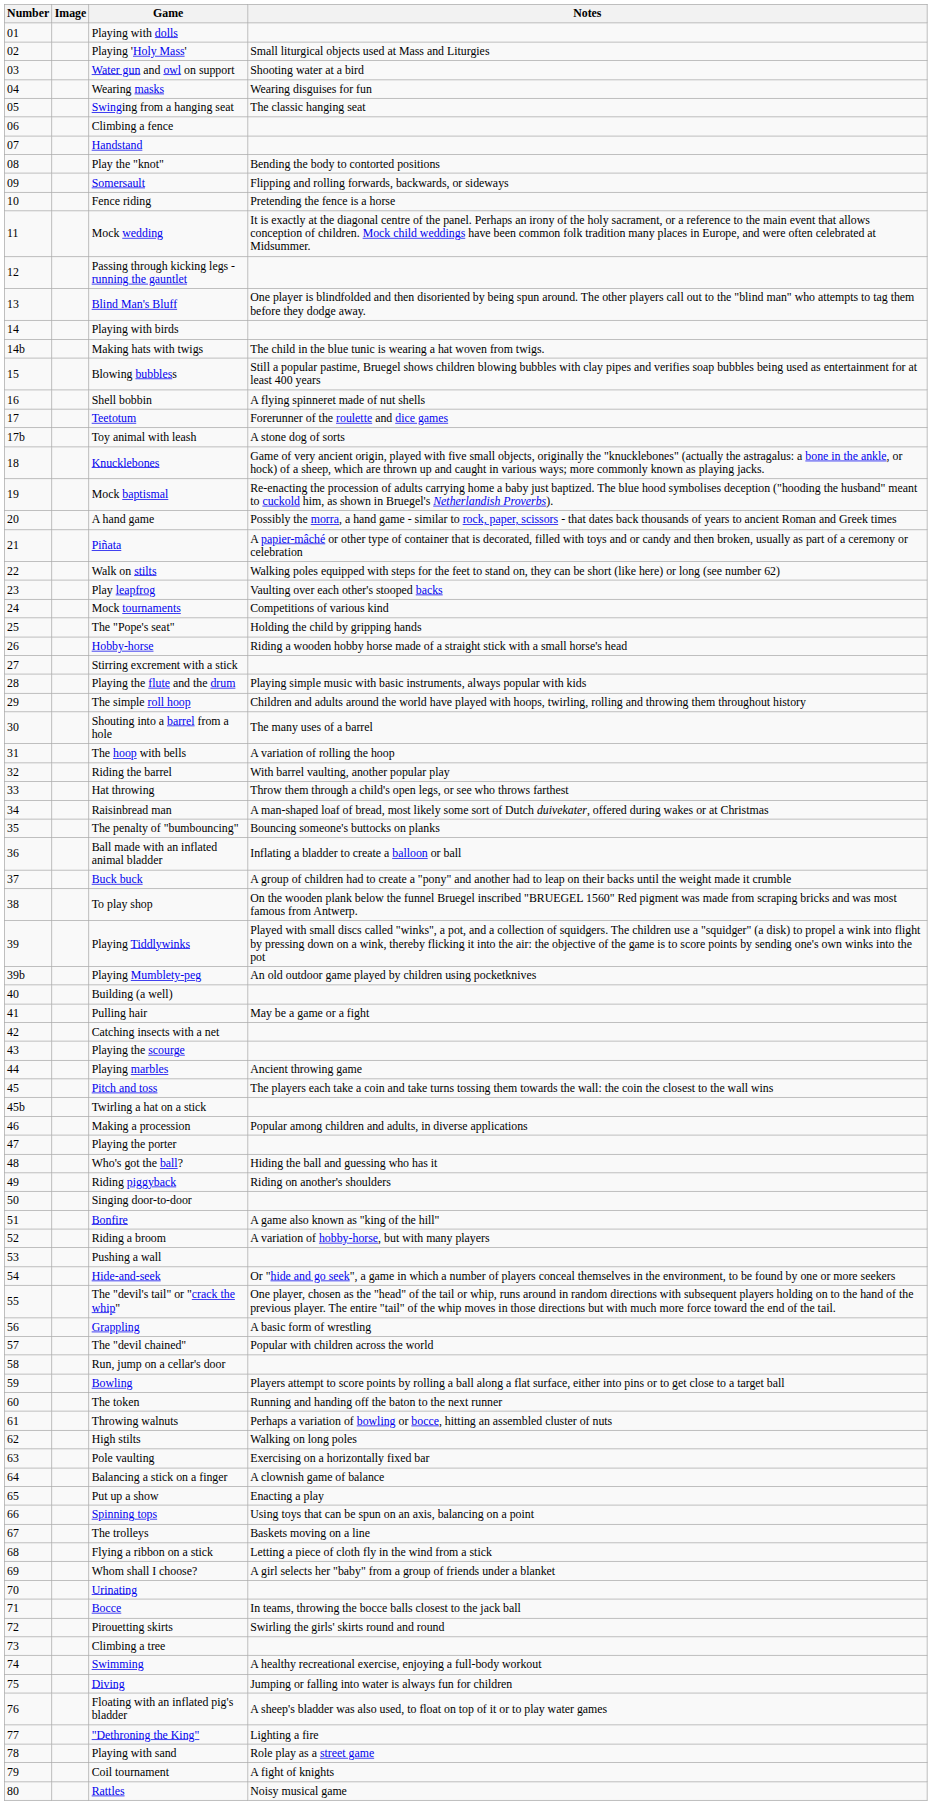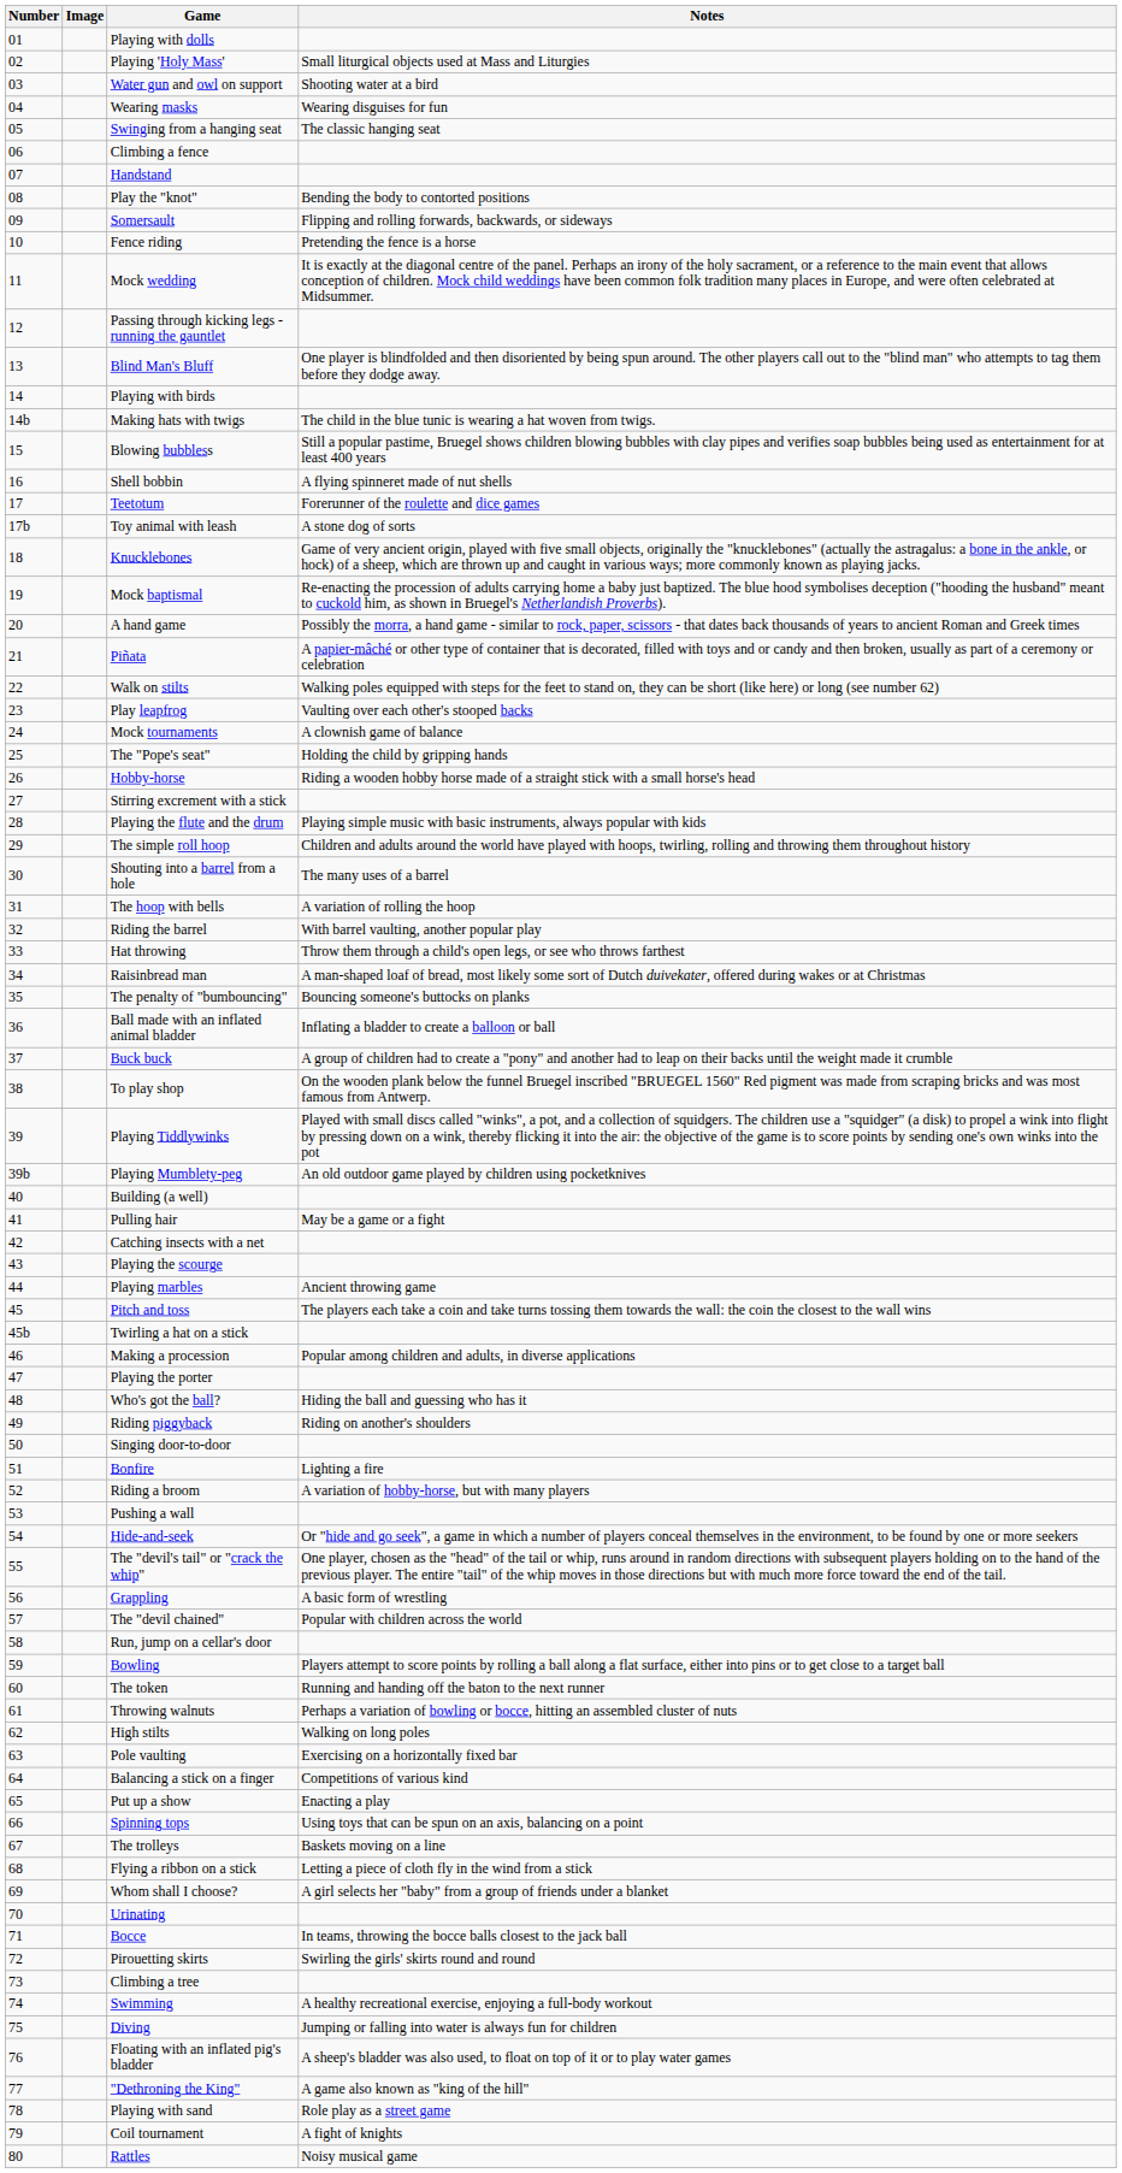 <table class="wikitable">
 <tr>
 <th>Number</th>
 <th>Image</th>
 <th>Game</th>
 <th>Notes</th>
 </tr>
 <tr>
 <td>01</td>
 <td></td>
 <td>Playing with <a href='#'>dolls</a></td>
 <td></td>
 </tr>
 <tr>
 <td>02</td>
 <td></td>
 <td>Playing '<a href='#'>Holy Mass</a>'</td>
 <td>Small liturgical objects used at Mass and Liturgies</td>
 </tr>
 <tr>
 <td>03</td>
 <td></td>
 <td><a href='#'>Water gun</a> and <a href='#'>owl</a> on support</td>
 <td>Shooting water at a bird</td>
 </tr>
 <tr>
 <td>04</td>
 <td></td>
 <td>Wearing <a href='#'>masks</a></td>
 <td>Wearing disguises for fun</td>
 </tr>
 <tr>
 <td>05</td>
 <td></td>
 <td><a href='#'>Swing</a>ing from a hanging seat</td>
 <td>The classic hanging seat</td>
 </tr>
 <tr>
 <td>06</td>
 <td></td>
 <td>Climbing a fence</td>
 <td></td>
 </tr>
 <tr>
 <td>07</td>
 <td></td>
 <td><a href='#'>Handstand</a></td>
 <td></td>
 </tr>
 <tr>
 <td>08</td>
 <td></td>
 <td>Play the "knot"</td>
 <td>Bending the body to contorted positions</td>
 </tr>
 <tr>
 <td>09</td>
 <td></td>
 <td><a href='#'>Somersault</a></td>
 <td>Flipping and rolling forwards, backwards, or sideways</td>
 </tr>
 <tr>
 <td>10</td>
 <td></td>
 <td>Fence riding</td>
 <td>Pretending the fence is a horse</td>
 </tr>
 <tr>
 <td>11</td>
 <td></td>
 <td>Mock <a href='#'>wedding</a></td>
 <td>It is exactly at the diagonal centre of the panel. Perhaps an irony of the holy sacrament, or a reference to the main event that allows conception of children. <a href='#'>Mock child weddings</a> have been common folk tradition many places in Europe, and were often celebrated at Midsummer.</td>
 </tr>
 <tr>
 <td>12</td>
 <td></td>
 <td>Passing through kicking legs - <a href='#'>running the gauntlet</a></td>
 <td></td>
 </tr>
 <tr>
 <td>13</td>
 <td></td>
 <td><a href='#'>Blind Man's Bluff</a></td>
 <td>One player is blindfolded and then disoriented by being spun around. The other players call out to the "blind man" who attempts to tag them before they dodge away.</td>
 </tr>
 <tr>
 <td>14</td>
 <td></td>
 <td>Playing with birds</td>
 <td></td>
 </tr>
 <tr>
 <td>14b</td>
 <td></td>
 <td>Making hats with twigs</td>
 <td>The child in the blue tunic is wearing a hat woven from twigs.</td>
 </tr>
 <tr>
 <td>15</td>
 <td></td>
 <td>Blowing <a href='#'>bubbles</a>s</td>
 <td>Still a popular pastime, Bruegel shows children blowing bubbles with clay pipes and verifies soap bubbles being used as entertainment for at least 400 years</td>
 </tr>
 <tr>
 <td>16</td>
 <td></td>
 <td>Shell bobbin</td>
 <td>A flying spinneret made of nut shells</td>
 </tr>
 <tr>
 <td>17</td>
 <td></td>
 <td><a href='#'>Teetotum</a></td>
 <td>Forerunner of the <a href='#'>roulette</a> and <a href='#'>dice games</a></td>
 </tr>
 <tr>
 <td>17b</td>
 <td></td>
 <td>Toy animal with leash</td>
 <td>A stone dog of sorts</td>
 </tr>
 <tr>
 <td>18</td>
 <td></td>
 <td><a href='#'>Knucklebones</a></td>
 <td>Game of very ancient origin, played with five small objects, originally the "knucklebones" (actually the astragalus: a <a href='#'>bone in the ankle</a>, or hock) of a sheep, which are thrown up and caught in various ways; more commonly known as playing jacks.</td>
 </tr>
 <tr>
 <td>19</td>
 <td></td>
 <td>Mock <a href='#'>baptismal</a></td>
 <td>Re-enacting the procession of adults carrying home a baby just baptized. The blue hood symbolises deception ("hooding the husband" meant to <a href='#'>cuckold</a> him, as shown in Bruegel's <em><a href='#'>Netherlandish Proverbs</a></em>).</td>
 </tr>
 <tr>
 <td>20</td>
 <td></td>
 <td>A hand game</td>
 <td>Possibly the <a href='#'>morra</a>, a hand game - similar to <a href='#'>rock, paper, scissors</a> - that dates back thousands of years to ancient Roman and Greek times</td>
 </tr>
 <tr>
 <td>21</td>
 <td></td>
 <td><a href='#'>Piñata</a></td>
 <td>A <a href='#'>papier-mâché</a> or other type of container that is decorated, filled with toys and or candy and then broken, usually as part of a ceremony or celebration</td>
 </tr>
 <tr>
 <td>22</td>
 <td></td>
 <td>Walk on <a href='#'>stilts</a></td>
 <td>Walking poles equipped with steps for the feet to stand on, they can be short (like here) or long (see number 62)</td>
 </tr>
 <tr>
 <td>23</td>
 <td></td>
 <td>Play <a href='#'>leapfrog</a></td>
 <td>Vaulting over each other's stooped <a href='#'>backs</a></td>
 </tr>
 <tr>
 <td>24</td>
 <td></td>
 <td>Mock <a href='#'>tournaments</a></td>
-<td>Competitions of various kind</td>
+<td>A clownish game of balance</td>
 </tr>
 <tr>
 <td>25</td>
 <td></td>
 <td>The "Pope's seat"</td>
 <td>Holding the child by gripping hands</td>
 </tr>
 <tr>
 <td>26</td>
 <td></td>
 <td><a href='#'>Hobby-horse</a></td>
 <td>Riding a wooden hobby horse made of a straight stick with a small horse's head</td>
 </tr>
 <tr>
 <td>27</td>
 <td></td>
 <td>Stirring excrement with a stick</td>
 <td></td>
 </tr>
 <tr>
 <td>28</td>
 <td></td>
 <td>Playing the <a href='#'>flute</a> and the <a href='#'>drum</a></td>
 <td>Playing simple music with basic instruments, always popular with kids</td>
 </tr>
 <tr>
 <td>29</td>
 <td></td>
 <td>The simple <a href='#'>roll hoop</a></td>
 <td>Children and adults around the world have played with hoops, twirling, rolling and throwing them throughout history</td>
 </tr>
 <tr>
 <td>30</td>
 <td></td>
 <td>Shouting into a <a href='#'>barrel</a> from a hole</td>
 <td>The many uses of a barrel</td>
 </tr>
 <tr>
 <td>31</td>
 <td></td>
 <td>The <a href='#'>hoop</a> with bells</td>
 <td>A variation of rolling the hoop</td>
 </tr>
 <tr>
 <td>32</td>
 <td></td>
 <td>Riding the barrel</td>
 <td>With barrel vaulting, another popular play</td>
 </tr>
 <tr>
 <td>33</td>
 <td></td>
 <td>Hat throwing</td>
 <td>Throw them through a child's open legs, or see who throws farthest</td>
 </tr>
 <tr>
 <td>34</td>
 <td></td>
 <td>Raisinbread man</td>
 <td>A man-shaped loaf of bread, most likely some sort of Dutch <em>duivekater</em>, offered during wakes or at Christmas</td>
 </tr>
 <tr>
 <td>35</td>
 <td></td>
 <td>The penalty of "bumbouncing"</td>
 <td>Bouncing someone's buttocks on planks</td>
 </tr>
 <tr>
 <td>36</td>
 <td></td>
 <td>Ball made with an inflated animal bladder</td>
 <td>Inflating a bladder to create a <a href='#'>balloon</a> or ball</td>
 </tr>
 <tr>
 <td>37</td>
 <td></td>
 <td><a href='#'>Buck buck</a></td>
 <td>A group of children had to create a "pony" and another had to leap on their backs until the weight made it crumble</td>
 </tr>
 <tr>
 <td>38</td>
 <td></td>
 <td>To play shop</td>
 <td>On the wooden plank below the funnel Bruegel inscribed "BRUEGEL 1560" Red pigment was made from scraping bricks and was most famous from Antwerp.</td>
 </tr>
 <tr>
 <td>39</td>
 <td></td>
 <td>Playing <a href='#'>Tiddlywinks</a></td>
 <td>Played with small discs called "winks", a pot, and a collection of squidgers. The children use a "squidger" (a disk) to propel a wink into flight by pressing down on a wink, thereby flicking it into the air: the objective of the game is to score points by sending one's own winks into the pot</td>
 </tr>
 <tr>
 <td>39b</td>
 <td></td>
 <td>Playing <a href='#'>Mumblety-peg</a></td>
 <td>An old outdoor game played by children using pocketknives</td>
 </tr>
 <tr>
 <td>40</td>
 <td></td>
 <td>Building (a well)</td>
 <td></td>
 </tr>
 <tr>
 <td>41</td>
 <td></td>
 <td>Pulling hair</td>
 <td>May be a game or a fight</td>
 </tr>
 <tr>
 <td>42</td>
 <td></td>
 <td>Catching insects with a net</td>
 <td></td>
 </tr>
 <tr>
 <td>43</td>
 <td></td>
 <td>Playing the <a href='#'>scourge</a></td>
 <td></td>
 </tr>
 <tr>
 <td>44</td>
 <td></td>
 <td>Playing <a href='#'>marbles</a></td>
 <td>Ancient throwing game</td>
 </tr>
 <tr>
 <td>45</td>
 <td></td>
 <td><a href='#'>Pitch and toss</a></td>
 <td>The players each take a coin and take turns tossing them towards the wall: the coin the closest to the wall wins</td>
 </tr>
 <tr>
 <td>45b</td>
 <td></td>
 <td>Twirling a hat on a stick</td>
 <td></td>
 </tr>
 <tr>
 <td>46</td>
 <td></td>
 <td>Making a procession</td>
 <td>Popular among children and adults, in diverse applications</td>
 </tr>
 <tr>
 <td>47</td>
 <td></td>
 <td>Playing the porter</td>
 <td></td>
 </tr>
 <tr>
 <td>48</td>
 <td></td>
 <td>Who's got the <a href='#'>ball</a>?</td>
 <td>Hiding the ball and guessing who has it</td>
 </tr>
 <tr>
 <td>49</td>
 <td></td>
 <td>Riding <a href='#'>piggyback</a></td>
 <td>Riding on another's shoulders</td>
 </tr>
 <tr>
 <td>50</td>
 <td></td>
 <td>Singing door-to-door</td>
 <td></td>
 </tr>
 <tr>
 <td>51</td>
 <td></td>
 <td><a href='#'>Bonfire</a></td>
-<td>A game also known as "king of the hill"</td>
+<td>Lighting a fire</td>
 </tr>
 <tr>
 <td>52</td>
 <td></td>
 <td>Riding a broom</td>
 <td>A variation of <a href='#'>hobby-horse</a>, but with many players</td>
 </tr>
 <tr>
 <td>53</td>
 <td></td>
 <td>Pushing a wall</td>
 <td></td>
 </tr>
 <tr>
 <td>54</td>
 <td></td>
 <td><a href='#'>Hide-and-seek</a></td>
 <td>Or "<a href='#'>hide and go seek</a>", a game in which a number of players conceal themselves in the environment, to be found by one or more seekers</td>
 </tr>
 <tr>
 <td>55</td>
 <td></td>
 <td>The "devil's tail" or "<a href='#'>crack the whip</a>"</td>
 <td>One player, chosen as the "head" of the tail or whip, runs around in random directions with subsequent players holding on to the hand of the previous player. The entire "tail" of the whip moves in those directions but with much more force toward the end of the tail.</td>
 </tr>
 <tr>
 <td>56</td>
 <td></td>
 <td><a href='#'>Grappling</a></td>
 <td>A basic form of wrestling</td>
 </tr>
 <tr>
 <td>57</td>
 <td></td>
 <td>The "devil chained"</td>
 <td>Popular with children across the world</td>
 </tr>
 <tr>
 <td>58</td>
 <td></td>
 <td>Run, jump on a cellar's door</td>
 <td></td>
 </tr>
 <tr>
 <td>59</td>
 <td></td>
 <td><a href='#'>Bowling</a></td>
 <td>Players attempt to score points by rolling a ball along a flat surface, either into pins or to get close to a target ball</td>
 </tr>
 <tr>
 <td>60</td>
 <td></td>
 <td>The token</td>
 <td>Running and handing off the baton to the next runner</td>
 </tr>
 <tr>
 <td>61</td>
 <td></td>
 <td>Throwing walnuts</td>
 <td>Perhaps a variation of <a href='#'>bowling</a> or <a href='#'>bocce</a>, hitting an assembled cluster of nuts</td>
 </tr>
 <tr>
 <td>62</td>
 <td></td>
 <td>High stilts</td>
 <td>Walking on long poles</td>
 </tr>
 <tr>
 <td>63</td>
 <td></td>
 <td>Pole vaulting</td>
 <td>Exercising on a horizontally fixed bar</td>
 </tr>
 <tr>
 <td>64</td>
 <td></td>
 <td>Balancing a stick on a finger</td>
-<td>A clownish game of balance</td>
+<td>Competitions of various kind</td>
 </tr>
 <tr>
 <td>65</td>
 <td></td>
 <td>Put up a show</td>
 <td>Enacting a play</td>
 </tr>
 <tr>
 <td>66</td>
 <td></td>
 <td><a href='#'>Spinning tops</a></td>
 <td>Using toys that can be spun on an axis, balancing on a point</td>
 </tr>
 <tr>
 <td>67</td>
 <td></td>
 <td>The trolleys</td>
 <td>Baskets moving on a line</td>
 </tr>
 <tr>
 <td>68</td>
 <td></td>
 <td>Flying a ribbon on a stick</td>
 <td>Letting a piece of cloth fly in the wind from a stick</td>
 </tr>
 <tr>
 <td>69</td>
 <td></td>
 <td>Whom shall I choose?</td>
 <td>A girl selects her "baby" from a group of friends under a blanket</td>
 </tr>
 <tr>
 <td>70</td>
 <td></td>
 <td><a href='#'>Urinating</a></td>
 <td></td>
 </tr>
 <tr>
 <td>71</td>
 <td></td>
 <td><a href='#'>Bocce</a></td>
 <td>In teams, throwing the bocce balls closest to the jack ball</td>
 </tr>
 <tr>
 <td>72</td>
 <td></td>
 <td>Pirouetting skirts</td>
 <td>Swirling the girls' skirts round and round</td>
 </tr>
 <tr>
 <td>73</td>
 <td></td>
 <td>Climbing a tree</td>
 <td></td>
 </tr>
 <tr>
 <td>74</td>
 <td></td>
 <td><a href='#'>Swimming</a></td>
 <td>A healthy recreational exercise, enjoying a full-body workout</td>
 </tr>
 <tr>
 <td>75</td>
 <td></td>
 <td><a href='#'>Diving</a></td>
 <td>Jumping or falling into water is always fun for children</td>
 </tr>
 <tr>
 <td>76</td>
 <td></td>
 <td>Floating with an inflated pig's bladder</td>
 <td>A sheep's bladder was also used, to float on top of it or to play water games</td>
 </tr>
 <tr>
 <td>77</td>
 <td></td>
 <td><a href='#'>"Dethroning the King"</a></td>
-<td>Lighting a fire</td>
+<td>A game also known as "king of the hill"</td>
 </tr>
 <tr>
 <td>78</td>
 <td></td>
 <td>Playing with sand</td>
 <td>Role play as a <a href='#'>street game</a></td>
 </tr>
 <tr>
 <td>79</td>
 <td></td>
 <td>Coil tournament</td>
 <td>A fight of knights</td>
 </tr>
 <tr>
 <td>80</td>
 <td></td>
 <td><a href='#'>Rattles</a></td>
 <td>Noisy musical game</td>
 </tr>
 </table>
